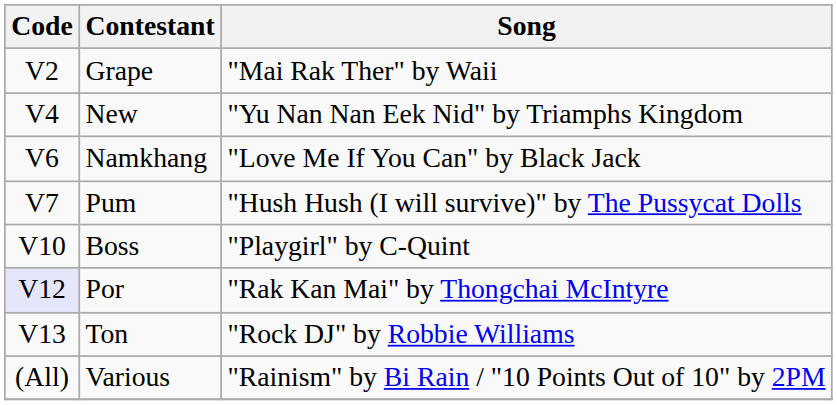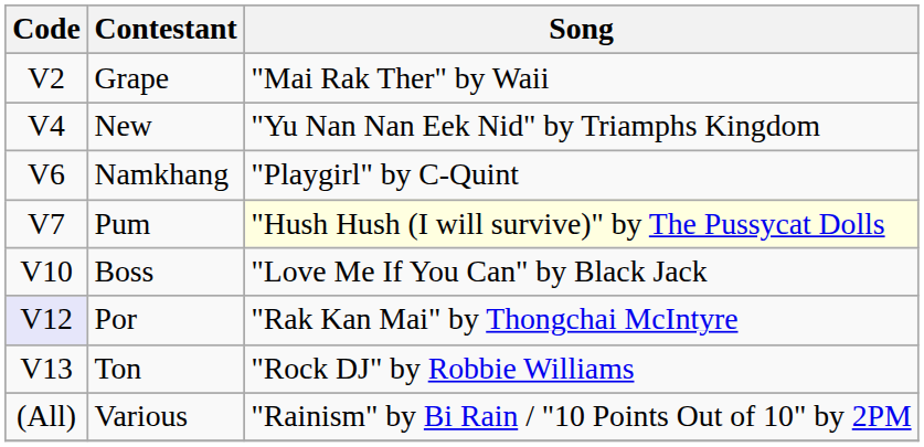 <table class="wikitable">
 <tr>
 <th>Code</th>
 <th>Contestant</th>
 <th>Song</th>
 </tr>
 <tr>
 <td align="center">V2</td>
 <td>Grape</td>
 <td>"Mai Rak Ther" by Waii</td>
 </tr>
 <tr>
 <td align="center">V4</td>
 <td>New</td>
 <td>"Yu Nan Nan Eek Nid" by Triamphs Kingdom</td>
 </tr>
 <tr>
 <td align="center">V6</td>
 <td>Namkhang</td>
-<td>"Love Me If You Can" by Black Jack</td>
+<td>"Playgirl" by C-Quint</td>
 </tr>
 <tr>
 <td align="center">V7</td>
 <td>Pum</td>
-<td>"Hush Hush (I will survive)" by <a href='#'>The Pussycat Dolls</a></td>
+<td style="background: lightyellow;">"Hush Hush (I will survive)" by <a href='#'>The Pussycat Dolls</a></td>
 </tr>
 <tr>
 <td align="center">V10</td>
 <td>Boss</td>
-<td>"Playgirl" by C-Quint</td>
+<td>"Love Me If You Can" by Black Jack</td>
 </tr>
 <tr>
 <td align="center" style="background: lavender;">V12</td>
 <td>Por</td>
 <td>"Rak Kan Mai" by <a href='#'>Thongchai McIntyre</a></td>
 </tr>
 <tr>
 <td align="center">V13</td>
 <td>Ton</td>
 <td>"Rock DJ" by <a href='#'>Robbie Williams</a></td>
 </tr>
 <tr>
 <td align="center">(All)</td>
 <td>Various</td>
 <td>"Rainism" by <a href='#'>Bi Rain</a> / "10 Points Out of 10" by <a href='#'>2PM</a></td>
 </tr>
 <tr>
 </tr>
 </table>
